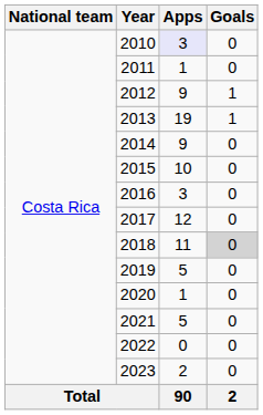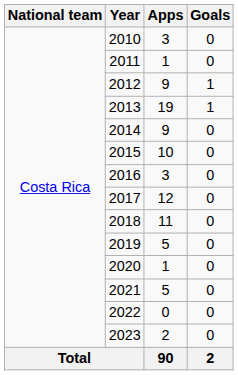 <table class="wikitable" style="text-align:center">
 <tr>
 <th>National team</th>
 <th>Year</th>
 <th>Apps</th>
 <th>Goals</th>
 </tr>
 <tr>
 <td rowspan="14"><a href='#'>Costa Rica</a></td>
 <td>2010</td>
-<td style="background: lavender;">3</td>
+<td>3</td>
 <td>0</td>
 </tr>
 <tr>
 <td>2011</td>
 <td>1</td>
 <td>0</td>
 </tr>
 <tr>
 <td>2012</td>
 <td>9</td>
 <td>1</td>
 </tr>
 <tr>
 <td>2013</td>
 <td>19</td>
 <td>1</td>
 </tr>
 <tr>
 <td>2014</td>
 <td>9</td>
 <td>0</td>
 </tr>
 <tr>
 <td>2015</td>
 <td>10</td>
 <td>0</td>
 </tr>
 <tr>
 <td>2016</td>
 <td>3</td>
 <td>0</td>
 </tr>
 <tr>
 <td>2017</td>
 <td>12</td>
 <td>0</td>
 </tr>
 <tr>
 <td>2018</td>
 <td>11</td>
-<td style="background: lightgrey;">0</td>
+<td>0</td>
 </tr>
 <tr>
 <td>2019</td>
 <td>5</td>
 <td>0</td>
 </tr>
 <tr>
 <td>2020</td>
 <td>1</td>
 <td>0</td>
 </tr>
 <tr>
 <td>2021</td>
 <td>5</td>
 <td>0</td>
 </tr>
 <tr>
 <td>2022</td>
 <td>0</td>
 <td>0</td>
 </tr>
 <tr>
 <td>2023</td>
 <td>2</td>
 <td>0</td>
 </tr>
 <tr>
 <th colspan="2">Total</th>
 <th>90</th>
 <th>2</th>
 </tr>
 </table>
